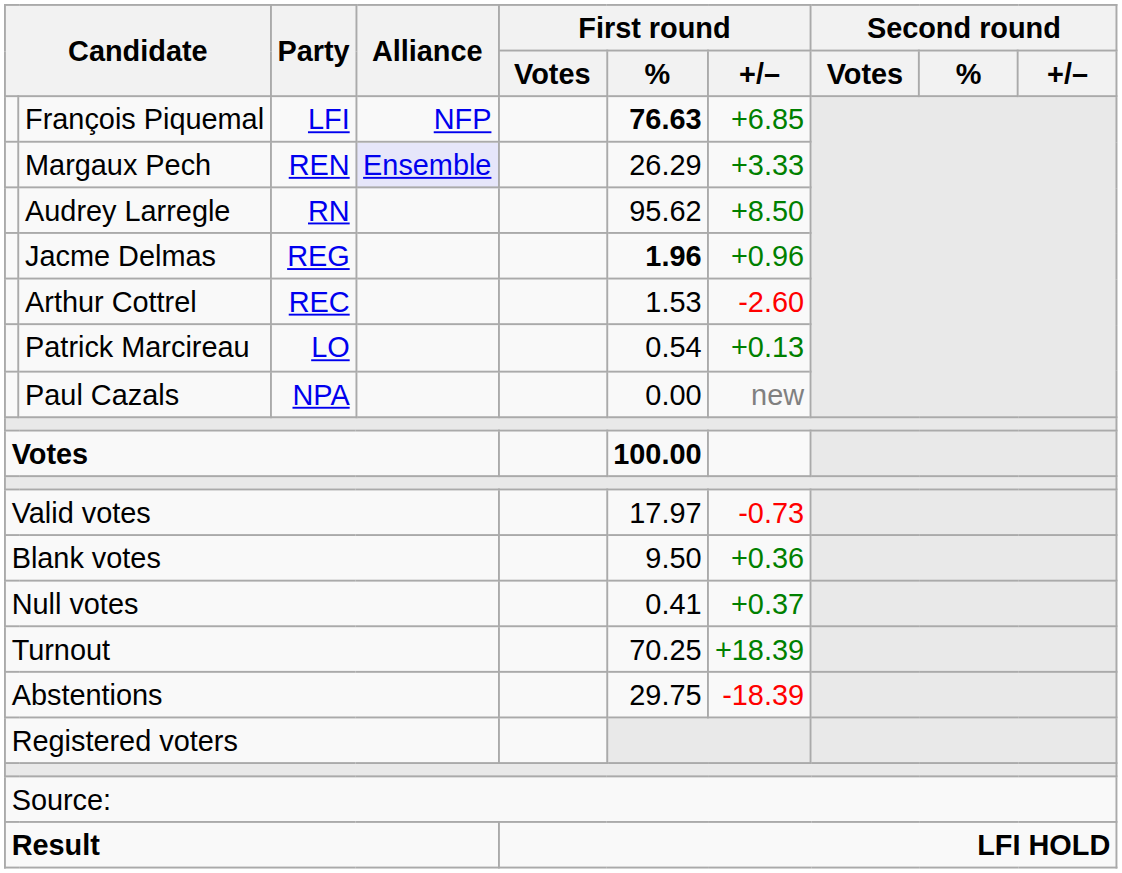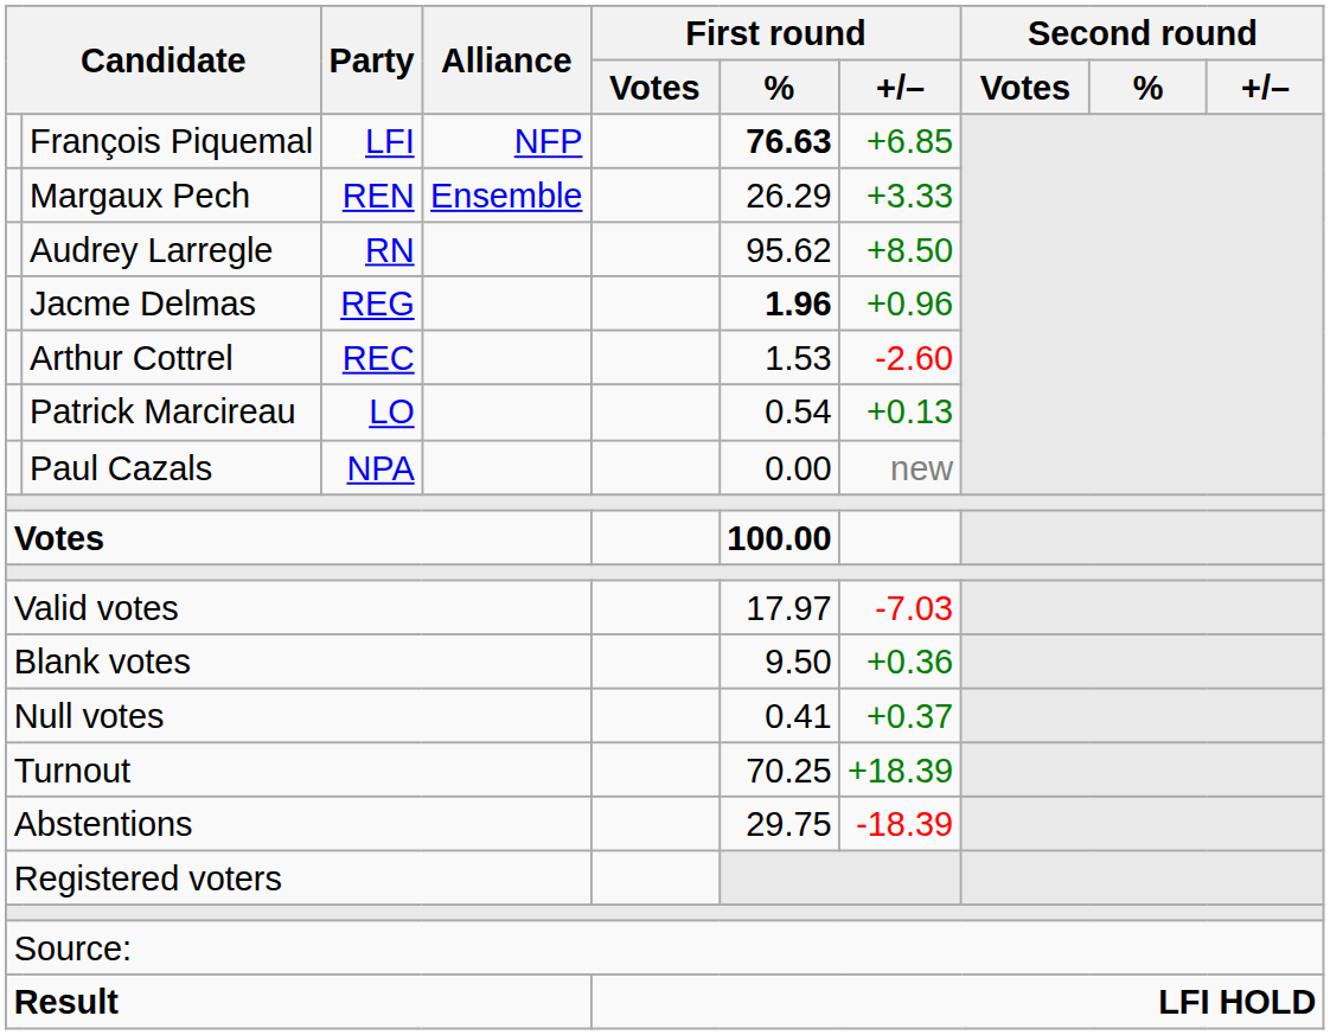 <table class="wikitable" style="text-align:right;font-size:95%;">
 <tr>
 <th rowspan="2" colspan="2">Candidate</th>
 <th colspan="1" rowspan="2">Party</th>
 <th colspan="1" rowspan="2">Alliance</th>
 <th colspan="3">First round</th>
 <th colspan="3">Second round</th>
 </tr>
 <tr>
 <th style="width:50px;">Votes</th>
 <th style="width:45px;">%</th>
 <th style="width:45px;">+/–</th>
 <th style="width:50px;">Votes</th>
 <th style="width:45px;">%</th>
 <th style="width:45px;">+/–</th>
 </tr>
 <tr>
 <td style="color:inherit;background:"></td>
 <td style="text-align:left;">François Piquemal</td>
 <td><a href='#'>LFI</a></td>
 <td><a href='#'>NFP</a></td>
 <td><strong></strong></td>
 <td><strong>76.63</strong></td>
 <td style="color:green;">+6.85</td>
 <td colspan="3" rowspan="7" style="background:#E9E9E9;"></td>
 </tr>
 <tr>
 <td style="color:inherit;background:"></td>
 <td style="text-align:left;">Margaux Pech</td>
 <td><a href='#'>REN</a></td>
-<td style="background: lavender;"><a href='#'>Ensemble</a></td>
+<td><a href='#'>Ensemble</a></td>
 <td></td>
 <td>26.29</td>
 <td style="color:green;">+3.33</td>
 </tr>
 <tr>
 <td style="color:inherit;background:"></td>
 <td style="text-align:left;">Audrey Larregle</td>
 <td><a href='#'>RN</a></td>
 <td></td>
 <td></td>
 <td>95.62</td>
 <td style="color:green;">+8.50</td>
 </tr>
 <tr>
 <td style="color:inherit;background:"></td>
 <td style="text-align:left;">Jacme Delmas</td>
 <td><a href='#'>REG</a></td>
 <td></td>
 <td></td>
 <td><strong>1.96</strong></td>
 <td style="color:green;">+0.96</td>
 </tr>
 <tr>
 <td style="color:inherit;background:"></td>
 <td style="text-align:left;">Arthur Cottrel</td>
 <td><a href='#'>REC</a></td>
 <td></td>
 <td></td>
 <td>1.53</td>
 <td style="color:red;">-2.60</td>
 </tr>
 <tr>
 <td style="color:inherit;background:"></td>
 <td style="text-align:left;">Patrick Marcireau</td>
 <td><a href='#'>LO</a></td>
 <td></td>
 <td></td>
 <td>0.54</td>
 <td style="color:green;">+0.13</td>
 </tr>
 <tr>
 <td style="color:inherit;background:"></td>
 <td style="text-align:left;">Paul Cazals</td>
 <td><a href='#'>NPA</a></td>
 <td></td>
 <td></td>
 <td>0.00</td>
 <td style="color:grey;">new</td>
 </tr>
 <tr>
 <td colspan="10" style="background:#E9E9E9;"></td>
 </tr>
 <tr style="font-weight:bold;">
 <td colspan="4" style="text-align:left;">Votes</td>
 <td></td>
 <td>100.00</td>
 <td></td>
 <td colspan="3" rowspan="1" style="background:#E9E9E9;"></td>
 </tr>
 <tr>
 <td colspan="10" style="background:#E9E9E9;"></td>
 </tr>
 <tr>
 <td colspan="4" style="text-align:left;">Valid votes</td>
 <td></td>
 <td>17.97</td>
-<td style="color:red;">-0.73</td>
+<td style="color:red;">-7.03</td>
 <td colspan="3" rowspan="1" style="background:#E9E9E9;"></td>
 </tr>
 <tr>
 <td colspan="4" style="text-align:left;">Blank votes</td>
 <td></td>
 <td>9.50</td>
 <td style="color:green;">+0.36</td>
 <td colspan="3" rowspan="1" style="background:#E9E9E9;"></td>
 </tr>
 <tr>
 <td colspan="4" style="text-align:left;">Null votes</td>
 <td></td>
 <td>0.41</td>
 <td style="color:green;">+0.37</td>
 <td colspan="3" rowspan="1" style="background:#E9E9E9;"></td>
 </tr>
 <tr>
 <td colspan="4" style="text-align:left;">Turnout</td>
 <td></td>
 <td>70.25</td>
 <td style="color:green;">+18.39</td>
 <td colspan="3" rowspan="1" style="background:#E9E9E9;"></td>
 </tr>
 <tr>
 <td colspan="4" style="text-align:left;">Abstentions</td>
 <td></td>
 <td>29.75</td>
 <td style="color:red;">-18.39</td>
 <td colspan="3" rowspan="1" style="background:#E9E9E9;"></td>
 </tr>
 <tr>
 <td colspan="4" style="text-align:left;">Registered voters</td>
 <td></td>
 <td colspan="2" style="background:#E9E9E9;"></td>
 <td colspan="3" rowspan="1" style="background:#E9E9E9;"></td>
 </tr>
 <tr>
 <td colspan="10" style="background:#E9E9E9;"></td>
 </tr>
 <tr>
 <td colspan="10" style="text-align:left;">Source: </td>
 </tr>
 <tr style="font-weight:bold">
 <td colspan="4" style="text-align:left;">Result</td>
 <td colspan="6" style="background-color:">LFI HOLD</td>
 </tr>
 </table>
